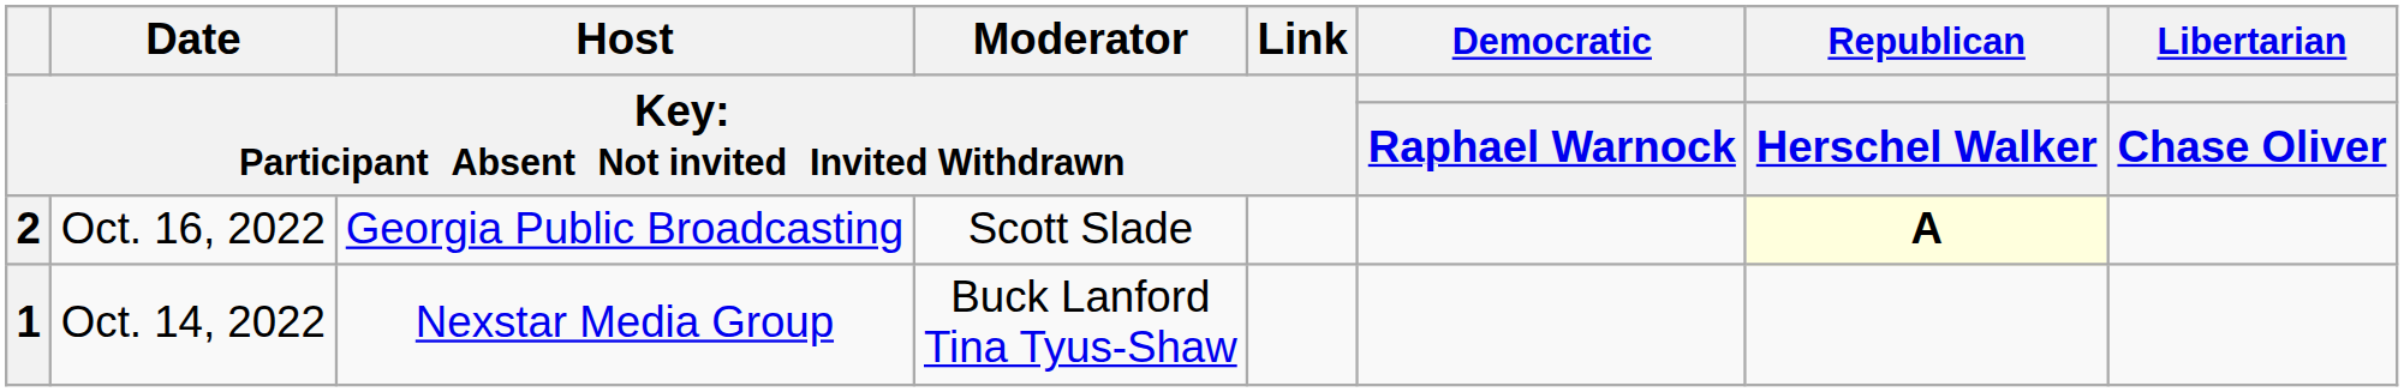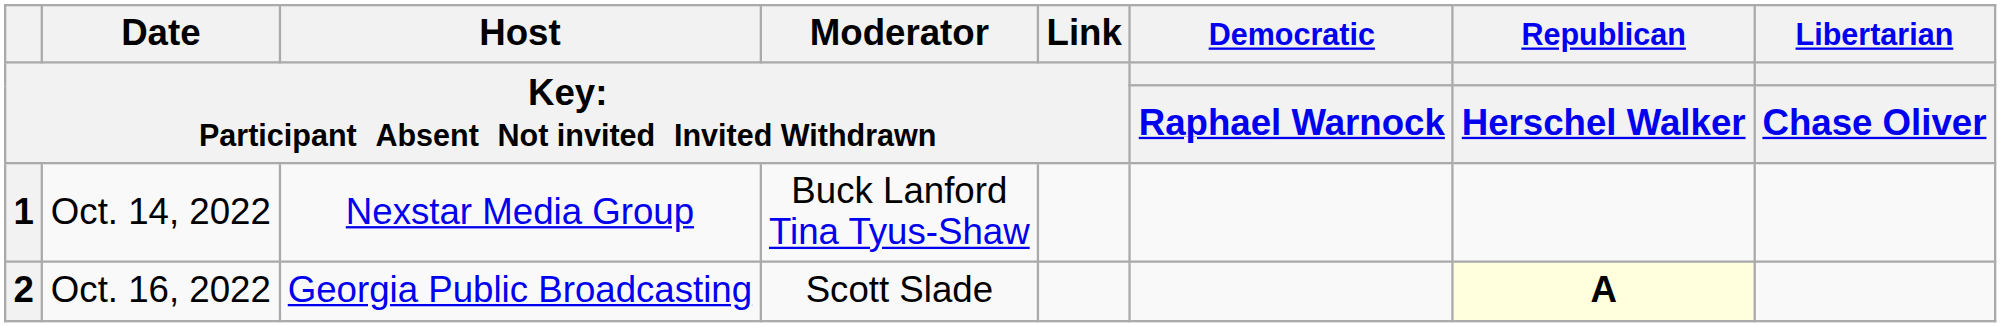 <table class="wikitable" style="text-align:center;">
 <tr>
 <th scope="col"></th>
 <th scope="col">Date</th>
 <th scope="col">Host</th>
 <th scope="col">Moderator</th>
 <th scope="col">Link</th>
 <th scope="col"><small><a href='#'>Democratic</a></small></th>
 <th scope="col"><small><a href='#'>Republican</a></small></th>
 <th scope="col"><small><a href='#'>Libertarian</a></small></th>
 </tr>
 <tr>
 <th colspan="5" rowspan="2">Key:<br> <small>Participant </small>  <small>Absent </small>  <small>Not invited </small>  <small>Invited  Withdrawn</small></th>
 <th scope="col" style="background:"></th>
 <th scope="col" style="background:"></th>
 <th scope="col" style="background:"></th>
 </tr>
 <tr>
 <th scope="col"><a href='#'>Raphael Warnock</a></th>
 <th scope="col"><a href='#'>Herschel Walker</a></th>
 <th scope="col"><a href='#'>Chase Oliver</a></th>
 </tr>
 <tr>
+<th>1</th>
+<td style="white-space:nowrap;">Oct. 14, 2022</td>
+<td style="white-space:nowrap;"><a href='#'>Nexstar Media Group</a></td>
+<td style="white-space:nowrap;">Buck Lanford<br><a href='#'>Tina Tyus-Shaw</a></td>
+<td style="white-space:nowrap;"></td>
+<td></td>
+<td></td>
+<td></td>
+</tr>
+<tr>
 <th>2</th>
 <td style="white-space:nowrap;">Oct. 16, 2022</td>
 <td style="white-space:nowrap;"><a href='#'>Georgia Public Broadcasting</a></td>
 <td style="white-space:nowrap;">Scott Slade</td>
 <td style="white-space:nowrap;"></td>
 <td></td>
 <td style="background-color:#FFFFDD;"><strong>A</strong></td>
 <td></td>
 </tr>
-<tr>
-<th>1</th>
-<td style="white-space:nowrap;">Oct. 14, 2022</td>
-<td style="white-space:nowrap;"><a href='#'>Nexstar Media Group</a></td>
-<td style="white-space:nowrap;">Buck Lanford<br><a href='#'>Tina Tyus-Shaw</a></td>
-<td style="white-space:nowrap;"></td>
-<td></td>
-<td></td>
-<td></td>
-</tr>
 </table>
